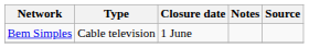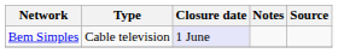 <table class="wikitable sortable">
 <tr>
 <th>Network</th>
 <th>Type</th>
 <th>Closure date</th>
 <th>Notes</th>
 <th>Source</th>
 </tr>
 <tr>
 <td><a href='#'>Bem Simples</a></td>
 <td>Cable television</td>
-<td>1 June</td>
+<td style="background: lavender;">1 June</td>
 <td></td>
 <td></td>
 </tr>
 <tr>
 </tr>
 </table>
